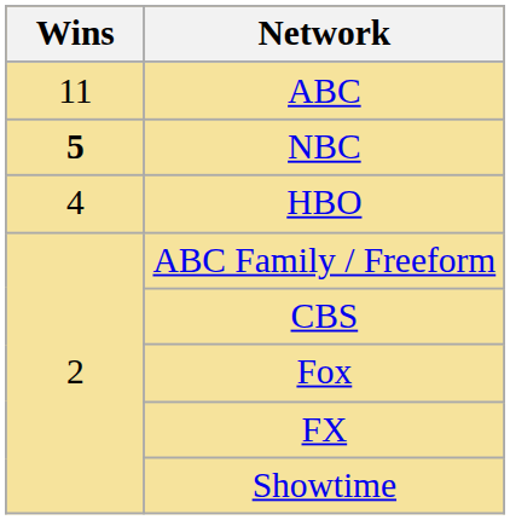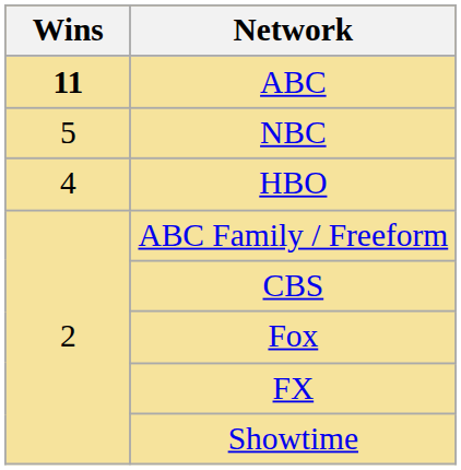 <table class="wikitable" rowspan=2 style="text-align: center; background: #f6e39c">
 <tr>
 <th scope="col" width="55" align="center">Wins</th>
 <th scope="col" align="center">Network</th>
 </tr>
 <tr>
-<td>11</td>
+<td><strong>11</strong></td>
 <td><a href='#'>ABC</a></td>
 </tr>
 <tr>
-<td><strong>5</strong></td>
+<td>5</td>
 <td><a href='#'>NBC</a></td>
 </tr>
 <tr>
 <td>4</td>
 <td><a href='#'>HBO</a></td>
 </tr>
 <tr>
 <td rowspan=5>2</td>
 <td><a href='#'>ABC Family / Freeform</a></td>
 </tr>
 <tr>
 <td><a href='#'>CBS</a></td>
 </tr>
 <tr>
 <td><a href='#'>Fox</a></td>
 </tr>
 <tr>
 <td><a href='#'>FX</a></td>
 </tr>
 <tr>
 <td><a href='#'>Showtime</a></td>
 </tr>
 </table>
